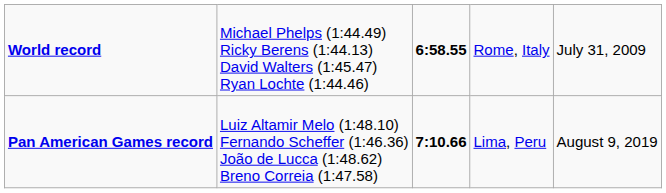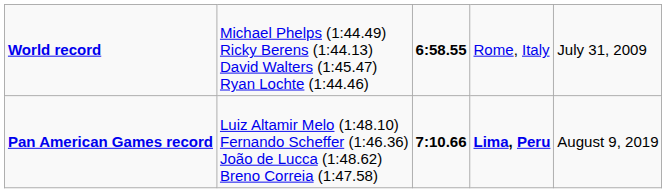 <table class="wikitable">
 <tr>
 <td><strong><a href='#'>World record</a></strong></td>
 <td><br><a href='#'>Michael Phelps</a> (1:44.49)<br><a href='#'>Ricky Berens</a> (1:44.13)<br><a href='#'>David Walters</a> (1:45.47)<br><a href='#'>Ryan Lochte</a> (1:44.46)</td>
 <td><strong>6:58.55</strong></td>
 <td><a href='#'>Rome</a>, <a href='#'>Italy</a></td>
 <td>July 31, 2009</td>
 </tr>
 <tr>
 <td><strong><a href='#'>Pan American Games record</a></strong></td>
 <td><br><a href='#'>Luiz Altamir Melo</a> (1:48.10)<br><a href='#'>Fernando Scheffer</a> (1:46.36)<br><a href='#'>João de Lucca</a> (1:48.62)<br><a href='#'>Breno Correia</a>  (1:47.58)</td>
 <td><strong>7:10.66</strong></td>
-<td><a href='#'>Lima</a>, <a href='#'>Peru</a></td>
+<td><strong><a href='#'>Lima</a>, <a href='#'>Peru</a></strong></td>
 <td>August 9, 2019</td>
 </tr>
 </table>
